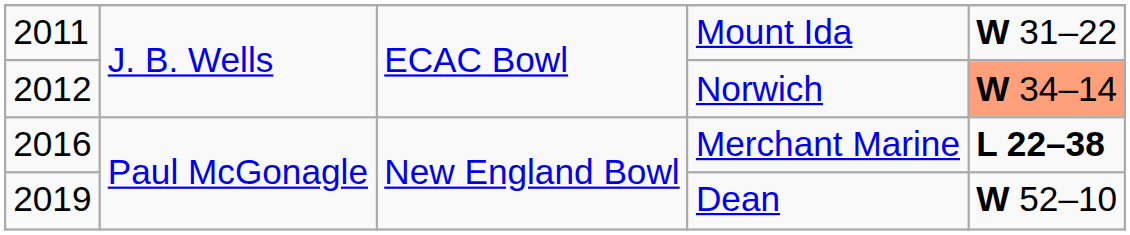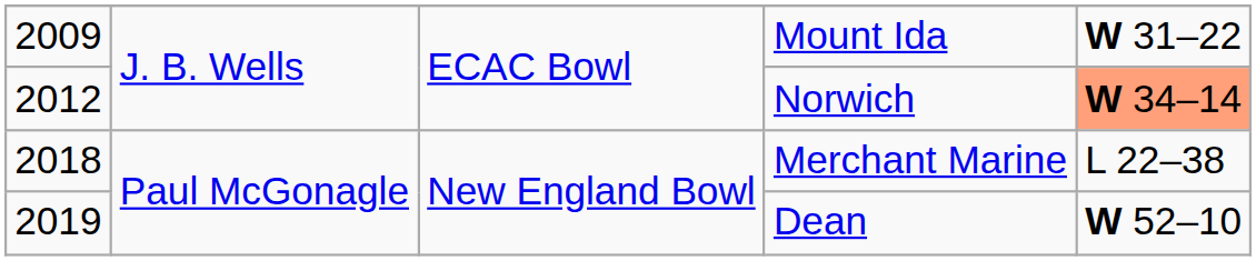 <table class="wikitable">
 <tr>
 </tr>
 <tr>
-<td>2011</td>
+<td>2009</td>
 <td rowspan=2><a href='#'>J. B. Wells</a></td>
 <td rowspan="2"><a href='#'>ECAC Bowl</a></td>
 <td><a href='#'>Mount Ida</a></td>
 <td><strong>W</strong> 31–22</td>
 </tr>
 <tr>
 <td>2012</td>
 <td><a href='#'>Norwich</a></td>
 <td style="background: lightsalmon;"><strong>W</strong> 34–14</td>
 </tr>
 <tr>
-<td>2016</td>
+<td>2018</td>
 <td rowspan=2><a href='#'>Paul McGonagle</a></td>
 <td rowspan="2"><a href='#'>New England Bowl</a></td>
 <td><a href='#'>Merchant Marine</a></td>
-<td><strong>L 22–38</strong></td>
+<td>L 22–38</td>
 </tr>
 <tr>
 <td>2019</td>
 <td><a href='#'>Dean</a></td>
 <td><strong>W</strong> 52–10</td>
 </tr>
 </table>
